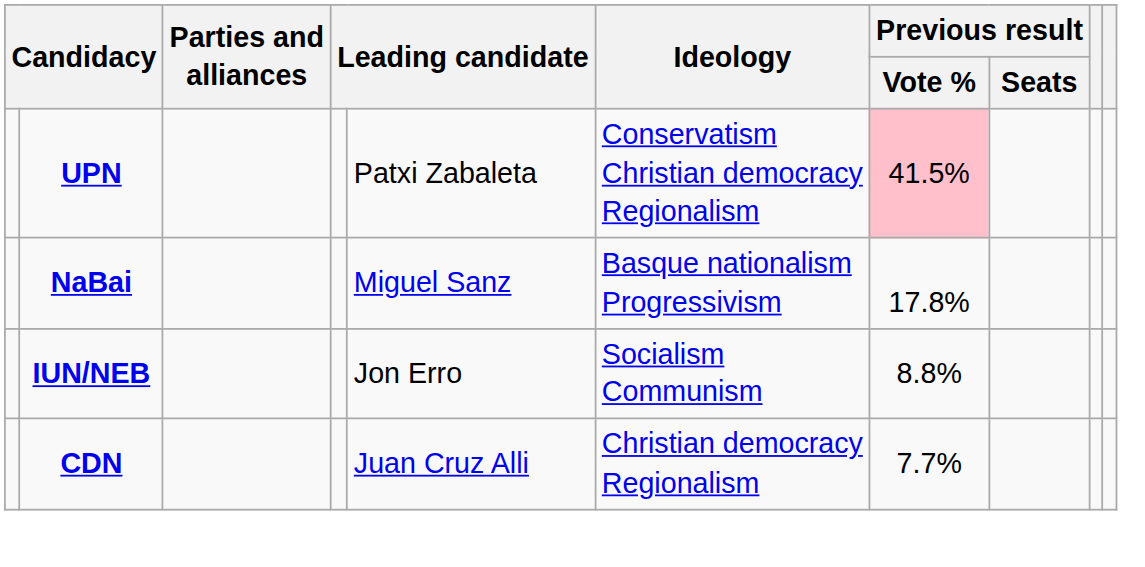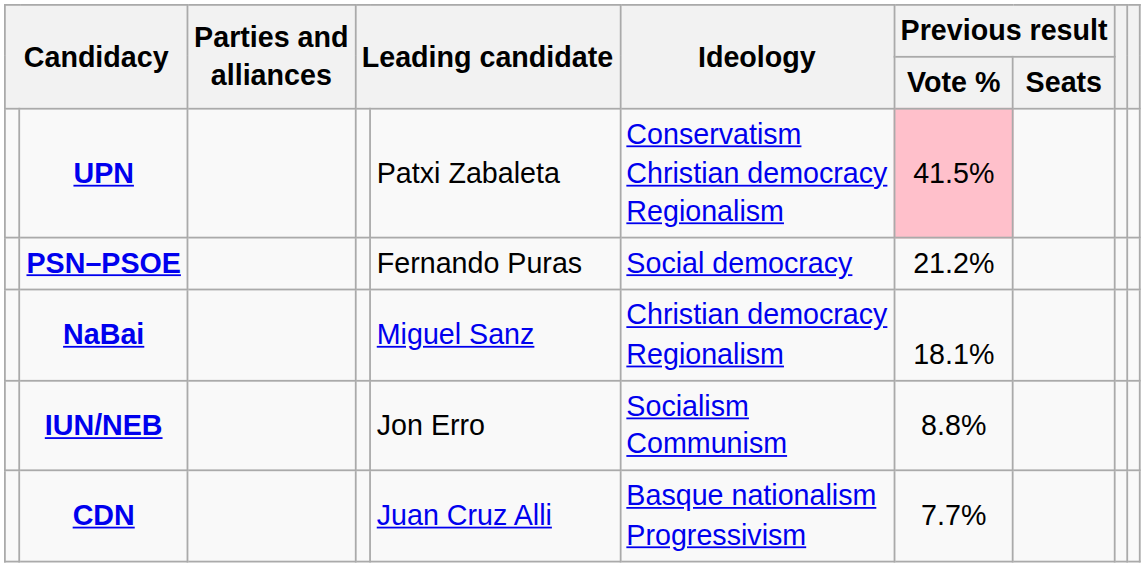 <table class="wikitable" style="line-height:1.35em; text-align:left;">
 <tr>
 <th colspan="2" rowspan="2">Candidacy</th>
 <th rowspan="2">Parties and<br>alliances</th>
 <th colspan="2" rowspan="2">Leading candidate</th>
 <th rowspan="2">Ideology</th>
 <th colspan="2">Previous result</th>
 <th rowspan="2"></th>
 <th rowspan="2"></th>
 </tr>
 <tr>
 <th>Vote %</th>
 <th>Seats</th>
 </tr>
 <tr>
 <td width="1" style="color:inherit;background:"></td>
 <td align="center"><strong><a href='#'>UPN</a></strong></td>
 <td></td>
 <td></td>
 <td>Patxi Zabaleta</td>
 <td><a href='#'>Conservatism</a><br><a href='#'>Christian democracy</a><br><a href='#'>Regionalism</a></td>
 <td align="center" style="background: pink;">41.5%</td>
 <td></td>
 <td></td>
 <td></td>
 </tr>
 <tr>
 <td style="color:inherit;background:"></td>
+<td align="center"><strong><a href='#'>PSN–PSOE</a></strong></td>
+<td></td>
+<td></td>
+<td>Fernando Puras</td>
+<td><a href='#'>Social democracy</a></td>
+<td align="center">21.2%</td>
+<td></td>
+<td></td>
+<td></td>
+</tr>
+<tr>
+<td style="color:inherit;background:"></td>
 <td align="center"><strong><a href='#'>NaBai</a></strong></td>
 <td></td>
 <td></td>
 <td><a href='#'>Miguel Sanz</a></td>
-<td><a href='#'>Basque nationalism</a><br><a href='#'>Progressivism</a></td>
-<td align="center"><br>17.8%<br></td>
+<td><a href='#'>Christian democracy</a><br><a href='#'>Regionalism</a></td>
+<td align="center"><br>18.1%<br></td>
 <td></td>
 <td></td>
 <td></td>
 </tr>
 <tr>
 <td style="color:inherit;background:"></td>
 <td align="center"><strong><a href='#'>IUN/NEB</a></strong></td>
 <td></td>
 <td></td>
 <td>Jon Erro</td>
 <td><a href='#'>Socialism</a><br><a href='#'>Communism</a></td>
 <td align="center">8.8%</td>
 <td></td>
 <td></td>
 <td></td>
 </tr>
 <tr>
 <td style="color:inherit;background:"></td>
 <td align="center"><strong><a href='#'>CDN</a></strong></td>
 <td></td>
 <td></td>
 <td><a href='#'>Juan Cruz Alli</a></td>
-<td><a href='#'>Christian democracy</a><br><a href='#'>Regionalism</a></td>
+<td><a href='#'>Basque nationalism</a><br><a href='#'>Progressivism</a></td>
 <td align="center">7.7%</td>
 <td></td>
 <td></td>
 <td></td>
 </tr>
 </table>
